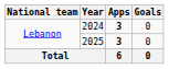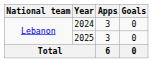 <table class="wikitable" style="text-align:center">
 <tr>
 <th>National team</th>
 <th>Year</th>
 <th>Apps</th>
 <th>Goals</th>
 </tr>
 <tr>
 <td rowspan="2"><a href='#'>Lebanon</a></td>
 <td>2024</td>
-<td><strong>3</strong></td>
+<td>3</td>
 <td>0</td>
 </tr>
 <tr>
 <td>2025</td>
-<td><strong>3</strong></td>
+<td>3</td>
 <td>0</td>
 </tr>
 <tr>
 <th colspan="2">Total</th>
 <th>6</th>
 <th>0</th>
 </tr>
 </table>
